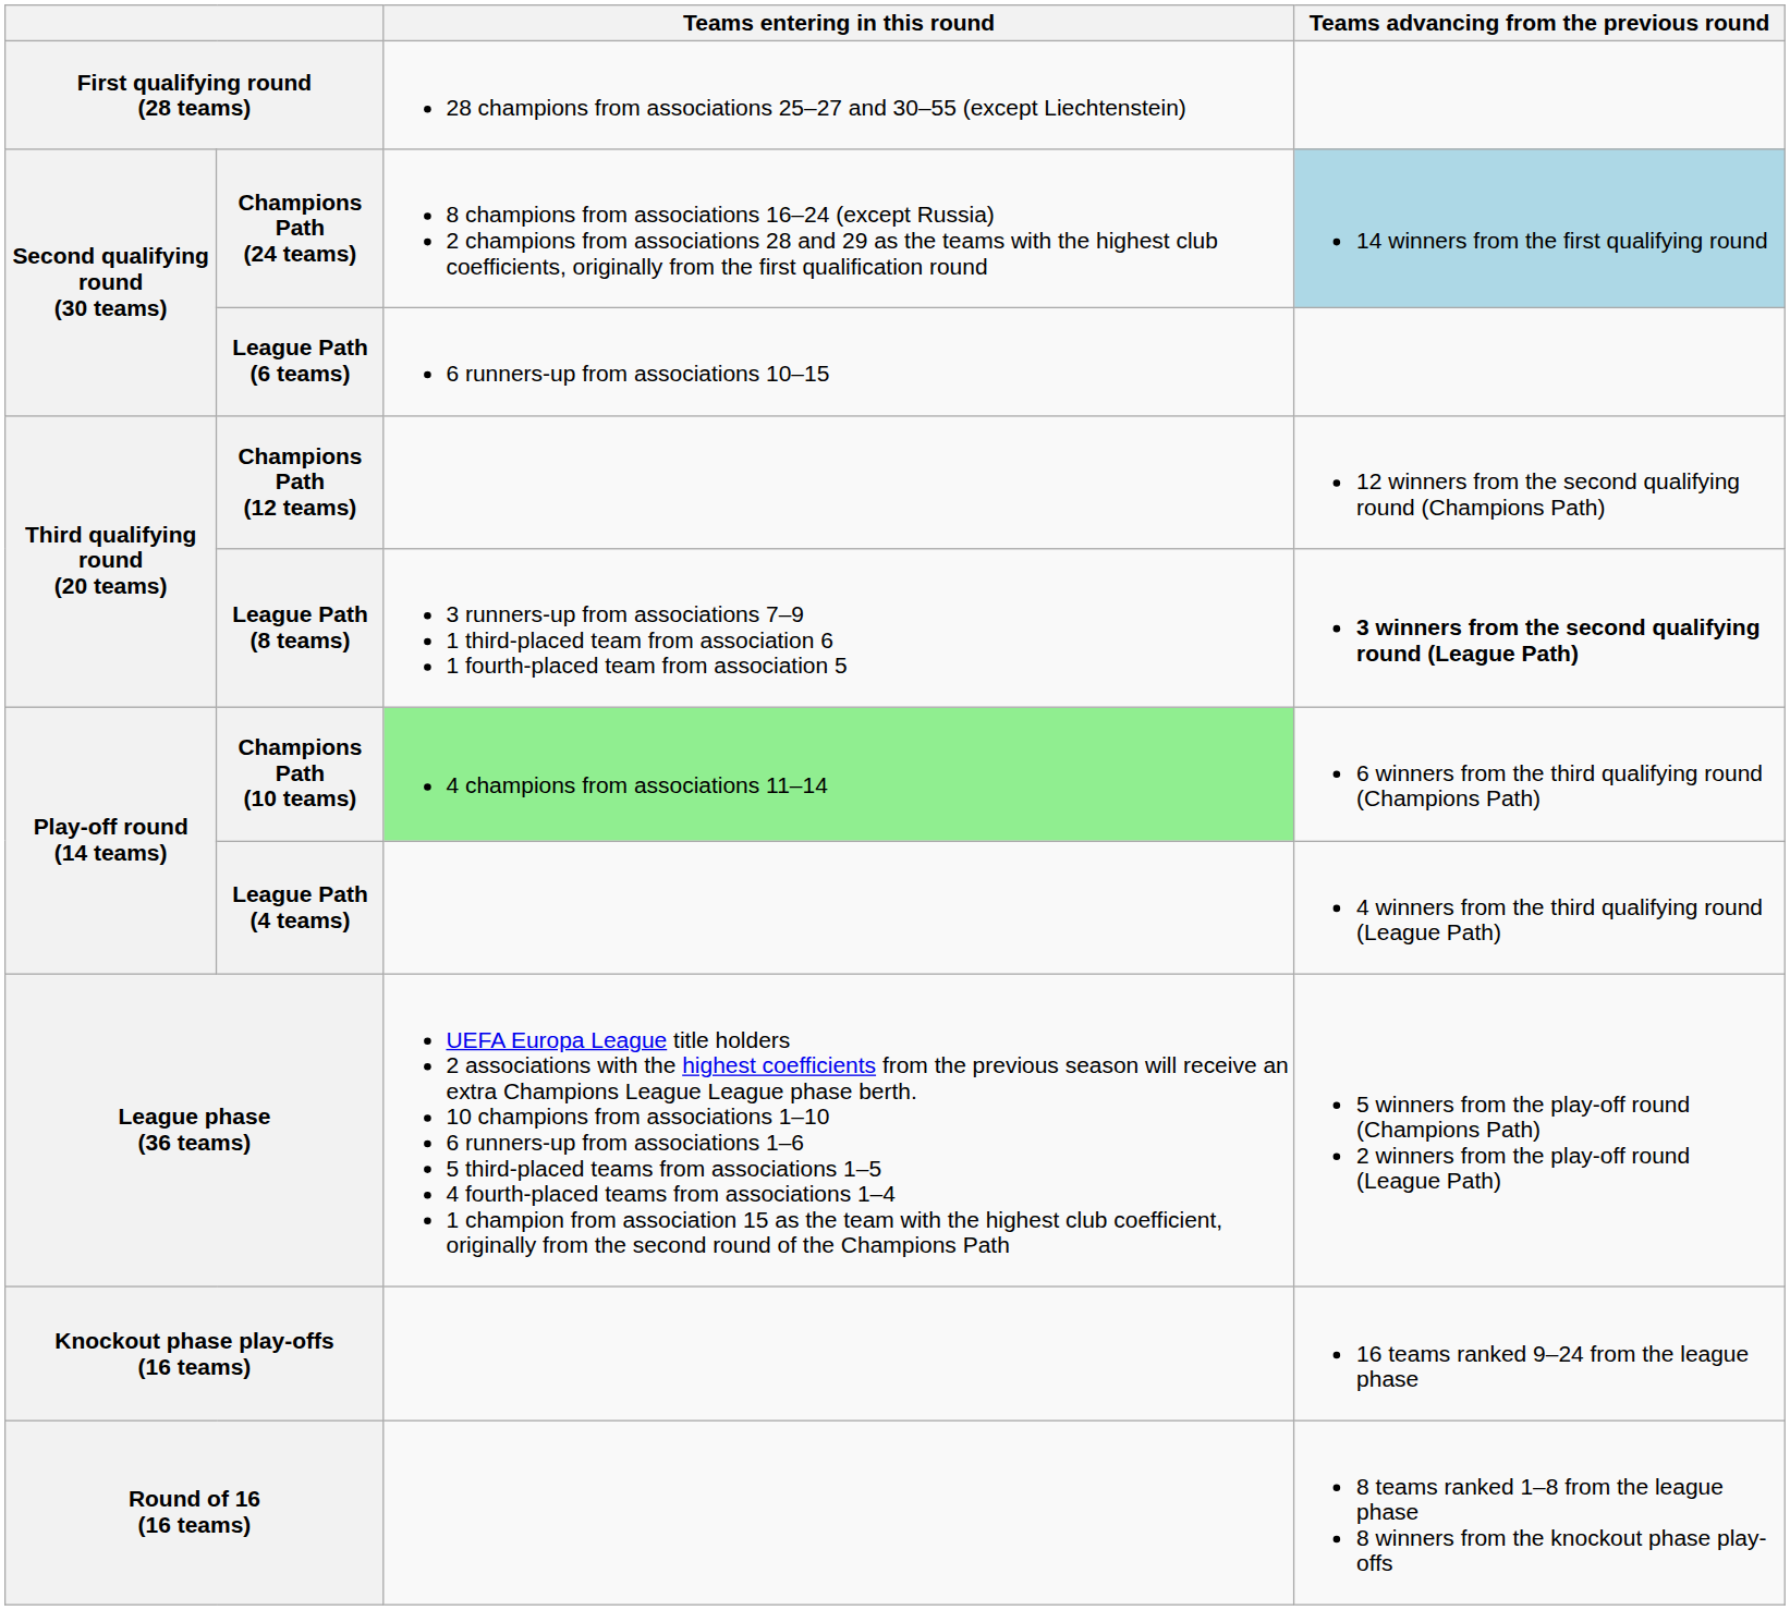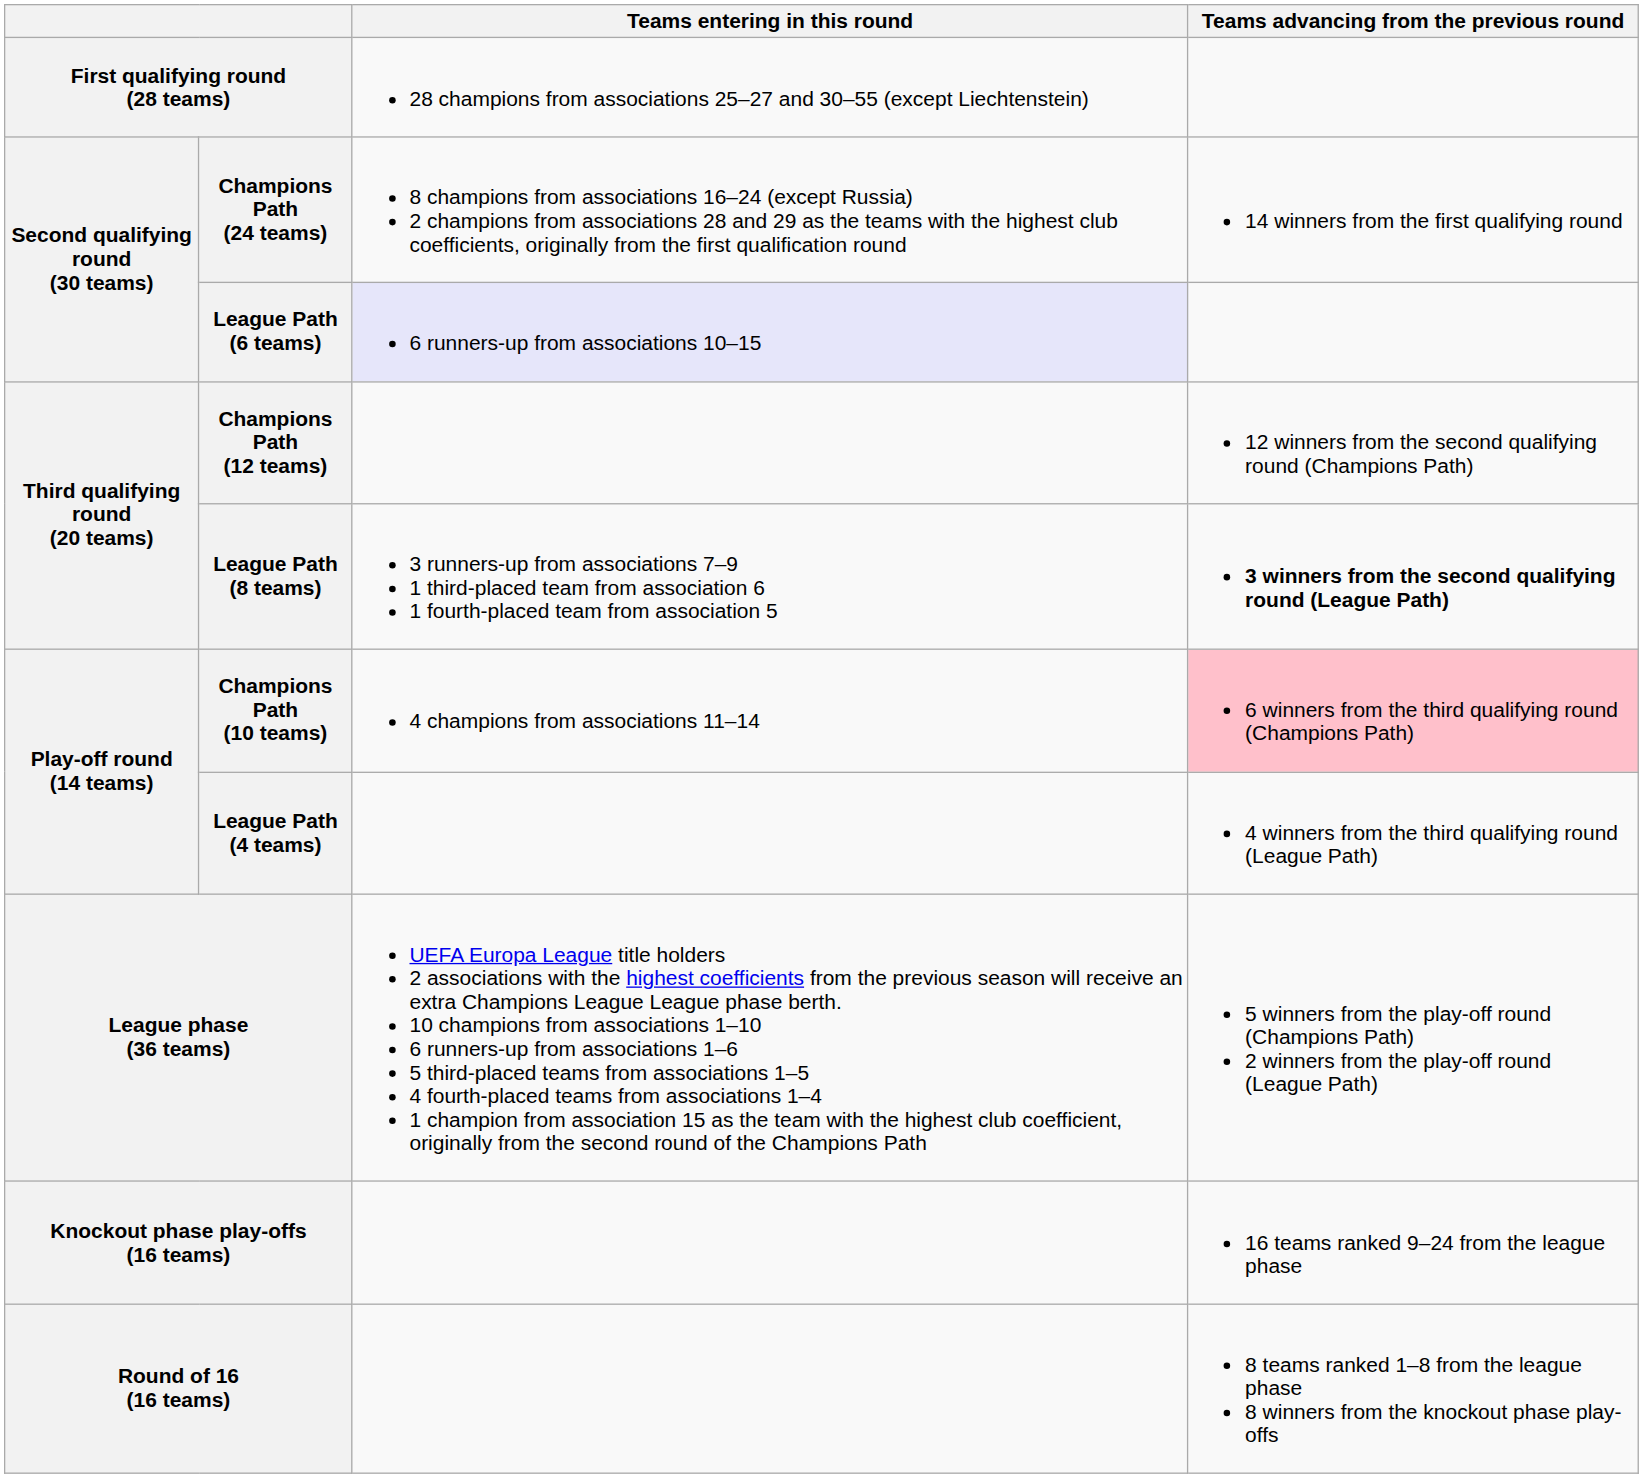 <table class="wikitable">
 <tr>
 <th colspan=2></th>
 <th>Teams entering in this round</th>
 <th>Teams advancing from the previous round</th>
 </tr>
 <tr>
 <th colspan=2>First qualifying round<br> (28 teams)</th>
 <td><br><ul><li>28 champions from associations 25–27 and 30–55 (except Liechtenstein)</li></ul></td>
 <td></td>
 </tr>
 <tr>
 <th rowspan=2>Second qualifying round<br> (30 teams)</th>
 <th>Champions Path<br> (24 teams)</th>
 <td><br><ul><li>8 champions from associations 16–24 (except Russia)</li><li>2 champions from associations 28 and 29 as the teams with the highest club coefficients, originally from the first qualification round</li></ul></td>
-<td style="background: lightblue;"><br><ul><li>14 winners from the first qualifying round</li></ul></td>
+<td><br><ul><li>14 winners from the first qualifying round</li></ul></td>
 </tr>
 <tr>
 <th>League Path<br> (6 teams)</th>
-<td><br><ul><li>6 runners-up from associations 10–15</li></ul></td>
+<td style="background: lavender;"><br><ul><li>6 runners-up from associations 10–15</li></ul></td>
 <td></td>
 </tr>
 <tr>
 <th rowspan=2>Third qualifying round<br> (20 teams)</th>
 <th>Champions Path<br> (12 teams)</th>
 <td></td>
 <td><br><ul><li>12 winners from the second qualifying round (Champions Path)</li></ul></td>
 </tr>
 <tr>
 <th>League Path<br> (8 teams)</th>
 <td><br><ul><li>3 runners-up from associations 7–9</li><li>1 third-placed team from association 6</li><li>1 fourth-placed team from association 5</li></ul></td>
 <td><strong><br><ul><li>3 winners from the second qualifying round (League Path)</li></ul></strong></td>
 </tr>
 <tr>
 <th rowspan=2>Play-off round<br> (14 teams)</th>
 <th>Champions Path<br> (10 teams)</th>
-<td style="background: lightgreen;"><br><ul><li>4 champions from associations 11–14</li></ul></td>
-<td><br><ul><li>6 winners from the third qualifying round (Champions Path)</li></ul></td>
+<td><br><ul><li>4 champions from associations 11–14</li></ul></td>
+<td style="background: pink;"><br><ul><li>6 winners from the third qualifying round (Champions Path)</li></ul></td>
 </tr>
 <tr>
 <th>League Path<br> (4 teams)</th>
 <td></td>
 <td><br><ul><li>4 winners from the third qualifying round (League Path)</li></ul></td>
 </tr>
 <tr>
 <th colspan=2>League phase<br> (36 teams)</th>
 <td><br><ul><li><a href='#'>UEFA Europa League</a> title holders</li><li>2 associations with the <a href='#'>highest coefficients</a> from the previous season will receive an extra Champions League League phase berth.</li><li>10 champions from associations 1–10</li><li>6 runners-up from associations 1–6</li><li>5 third-placed teams from associations 1–5</li><li>4 fourth-placed teams from associations 1–4</li><li>1 champion from association 15 as the team with the highest club coefficient, originally from the second round of the Champions Path</li></ul></td>
 <td><br><ul><li>5 winners from the play-off round (Champions Path)</li><li>2 winners from the play-off round (League Path)</li></ul></td>
 </tr>
 <tr>
 <th colspan=2>Knockout phase play-offs<br>(16 teams)</th>
 <td></td>
 <td><br><ul><li>16 teams ranked 9–24 from the league phase</li></ul></td>
 </tr>
 <tr>
 <th colspan=2>Round of 16<br>(16 teams)</th>
 <td></td>
 <td><br><ul><li>8 teams ranked 1–8 from the league phase</li><li>8 winners from the knockout phase play-offs</li></ul></td>
 </tr>
 </table>
